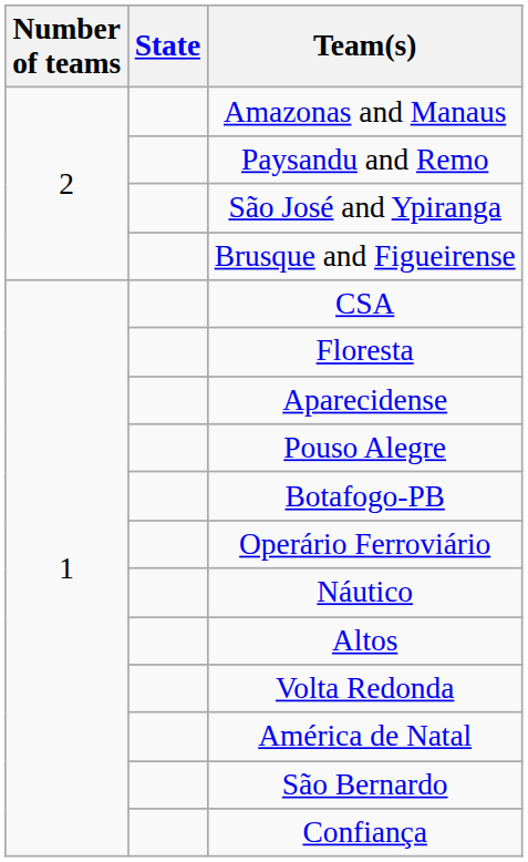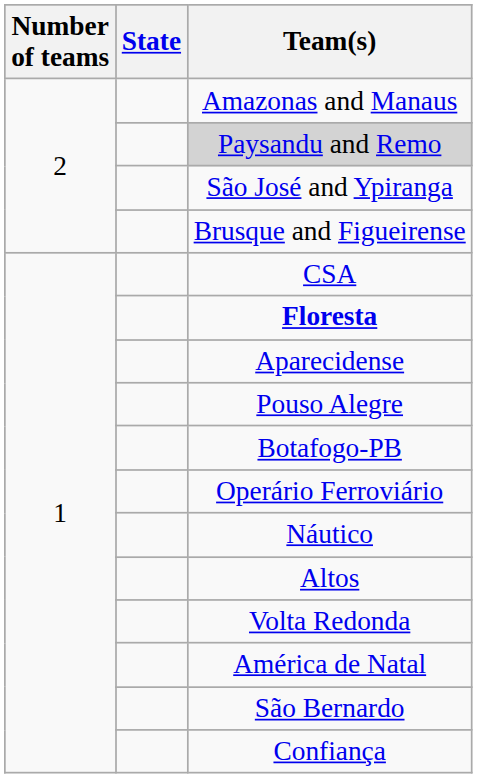 <table class="wikitable" style="text-align:center">
 <tr>
 <th>Number<br>of teams</th>
 <th><a href='#'>State</a></th>
 <th>Team(s)</th>
 </tr>
 <tr>
 <td rowspan=4>2</td>
 <td align="left"></td>
 <td><a href='#'>Amazonas</a> and <a href='#'>Manaus</a></td>
 </tr>
 <tr>
 <td align="left"></td>
-<td><a href='#'>Paysandu</a> and <a href='#'>Remo</a></td>
+<td style="background: lightgrey;"><a href='#'>Paysandu</a> and <a href='#'>Remo</a></td>
 </tr>
 <tr>
 <td align="left"></td>
 <td><a href='#'>São José</a> and <a href='#'>Ypiranga</a></td>
 </tr>
 <tr>
 <td align="left"></td>
 <td><a href='#'>Brusque</a> and <a href='#'>Figueirense</a></td>
 </tr>
 <tr>
 <td rowspan=12>1</td>
 <td align="left"></td>
 <td><a href='#'>CSA</a></td>
 </tr>
 <tr>
 <td align="left"></td>
-<td><a href='#'>Floresta</a></td>
+<td><strong><a href='#'>Floresta</a></strong></td>
 </tr>
 <tr>
 <td align="left"></td>
 <td><a href='#'>Aparecidense</a></td>
 </tr>
 <tr>
 <td align="left"></td>
 <td><a href='#'>Pouso Alegre</a></td>
 </tr>
 <tr>
 <td align="left"></td>
 <td><a href='#'>Botafogo-PB</a></td>
 </tr>
 <tr>
 <td align="left"></td>
 <td><a href='#'>Operário Ferroviário</a></td>
 </tr>
 <tr>
 <td align="left"></td>
 <td><a href='#'>Náutico</a></td>
 </tr>
 <tr>
 <td align="left"></td>
 <td><a href='#'>Altos</a></td>
 </tr>
 <tr>
 <td align="left"></td>
 <td><a href='#'>Volta Redonda</a></td>
 </tr>
 <tr>
 <td align="left"></td>
 <td><a href='#'>América de Natal</a></td>
 </tr>
 <tr>
 <td align="left"></td>
 <td><a href='#'>São Bernardo</a></td>
 </tr>
 <tr>
 <td align="left"></td>
 <td><a href='#'>Confiança</a></td>
 </tr>
 </table>
